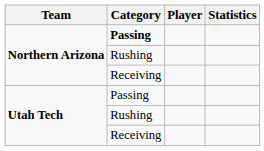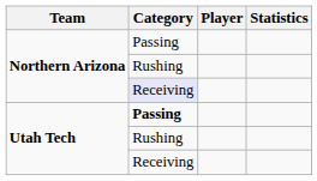 <table class="wikitable" style="float: right;">
 <tr>
 <th>Team</th>
 <th>Category</th>
 <th>Player</th>
 <th>Statistics</th>
 </tr>
 <tr>
 <td rowspan=3><strong>Northern Arizona</strong></td>
+<td>Passing</td>
+<td></td>
+<td></td>
+</tr>
+<tr>
+<td>Rushing</td>
+<td></td>
+<td></td>
+</tr>
+<tr>
+<td style="background: lavender;">Receiving</td>
+<td></td>
+<td></td>
+</tr>
+<tr>
+<td rowspan=3><strong>Utah Tech</strong></td>
 <td><strong>Passing</strong></td>
 <td></td>
 <td></td>
 </tr>
 <tr>
 <td>Rushing</td>
 <td></td>
 <td></td>
 </tr>
 <tr>
 <td>Receiving</td>
 <td></td>
 <td></td>
 </tr>
-<tr>
-<td rowspan=3><strong>Utah Tech</strong></td>
-<td>Passing</td>
-<td></td>
-<td></td>
-</tr>
-<tr>
-<td>Rushing</td>
-<td></td>
-<td></td>
-</tr>
-<tr>
-<td>Receiving</td>
-<td></td>
-<td></td>
-</tr>
 </table>
